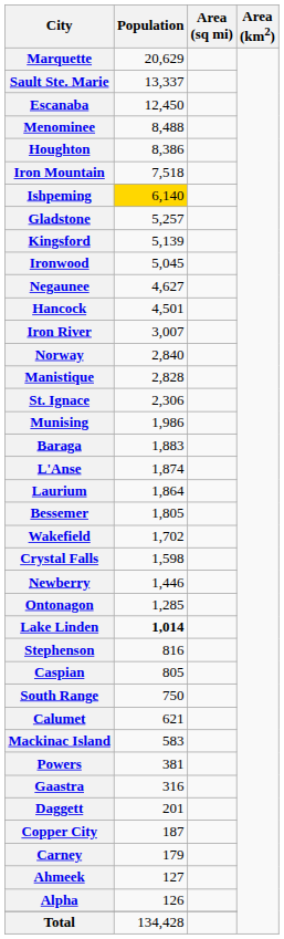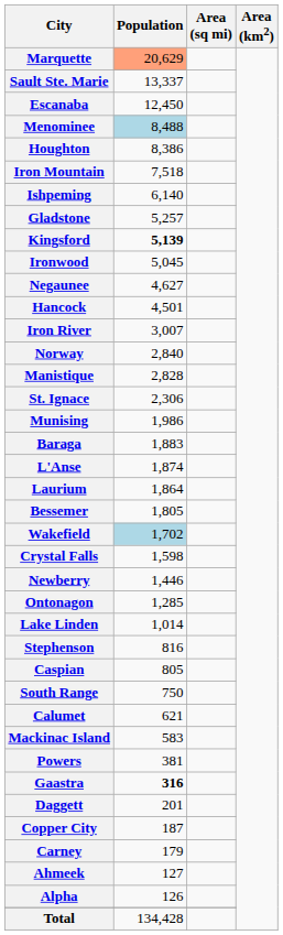 <table class="wikitable plainrowheaders sortable">
 <tr>
 <th scope="col">City</th>
 <th scope="col">Population</th>
 <th scope="col">Area<br>(sq mi)</th>
 <th scope="col">Area<br>(km<sup>2</sup>)</th>
 </tr>
 <tr>
 <th scope="row"><a href='#'>Marquette</a></th>
-<td align=right>20,629</td>
+<td align=right style="background: lightsalmon;">20,629</td>
 <td></td>
 </tr>
 <tr>
 <th scope="row"><a href='#'>Sault Ste. Marie</a></th>
 <td align=right>13,337</td>
 <td></td>
 </tr>
 <tr>
 <th scope="row"><a href='#'>Escanaba</a></th>
 <td align=right>12,450</td>
 <td></td>
 </tr>
 <tr>
 <th scope="row"><a href='#'>Menominee</a></th>
-<td align=right>8,488</td>
+<td align=right style="background: lightblue;">8,488</td>
 <td></td>
 </tr>
 <tr>
 <th scope="row"><a href='#'>Houghton</a></th>
 <td align=right>8,386</td>
 <td></td>
 </tr>
 <tr>
 <th scope="row"><a href='#'>Iron Mountain</a></th>
 <td align=right>7,518</td>
 <td></td>
 </tr>
 <tr>
 <th scope="row"><a href='#'>Ishpeming</a></th>
-<td align=right style="background: gold;">6,140</td>
+<td align=right>6,140</td>
 <td></td>
 </tr>
 <tr>
 <th scope="row"><a href='#'>Gladstone</a></th>
 <td align=right>5,257</td>
 <td></td>
 </tr>
 <tr>
 <th scope="row"><a href='#'>Kingsford</a></th>
-<td align=right>5,139</td>
+<td align=right><strong>5,139</strong></td>
 <td></td>
 </tr>
 <tr>
 <th scope="row"><a href='#'>Ironwood</a></th>
 <td align=right>5,045</td>
 <td></td>
 </tr>
 <tr>
 <th scope="row"><a href='#'>Negaunee</a></th>
 <td align=right>4,627</td>
 <td></td>
 </tr>
 <tr>
 <th scope="row"><a href='#'>Hancock</a></th>
 <td align=right>4,501</td>
 <td></td>
 </tr>
 <tr>
 <th scope="row"><a href='#'>Iron River</a></th>
 <td align=right>3,007</td>
 <td></td>
 </tr>
 <tr>
 <th scope="row"><a href='#'>Norway</a></th>
 <td align=right>2,840</td>
 <td></td>
 </tr>
 <tr>
 <th scope="row"><a href='#'>Manistique</a></th>
 <td align=right>2,828</td>
 <td></td>
 </tr>
 <tr>
 <th scope="row"><a href='#'>St. Ignace</a></th>
 <td align=right>2,306</td>
 <td></td>
 </tr>
 <tr>
 <th scope="row"><a href='#'>Munising</a></th>
 <td align=right>1,986</td>
 <td></td>
 </tr>
 <tr>
 <th scope="row"><a href='#'>Baraga</a></th>
 <td align=right>1,883</td>
 <td></td>
 </tr>
 <tr>
 <th scope="row"><a href='#'>L'Anse</a></th>
 <td align=right>1,874</td>
 <td></td>
 </tr>
 <tr>
 <th scope="row"><a href='#'>Laurium</a></th>
 <td align=right>1,864</td>
 <td></td>
 </tr>
 <tr>
 <th scope="row"><a href='#'>Bessemer</a></th>
 <td align=right>1,805</td>
 <td></td>
 </tr>
 <tr>
 <th scope="row"><a href='#'>Wakefield</a></th>
-<td align=right>1,702</td>
+<td align=right style="background: lightblue;">1,702</td>
 <td></td>
 </tr>
 <tr>
 <th scope="row"><a href='#'>Crystal Falls</a></th>
 <td align=right>1,598</td>
 <td></td>
 </tr>
 <tr>
 <th scope="row"><a href='#'>Newberry</a></th>
 <td align=right>1,446</td>
 <td></td>
 </tr>
 <tr>
 <th scope="row"><a href='#'>Ontonagon</a></th>
 <td align=right>1,285</td>
 <td></td>
 </tr>
 <tr>
 <th scope="row"><a href='#'>Lake Linden</a></th>
-<td align=right><strong>1,014</strong></td>
+<td align=right>1,014</td>
 <td></td>
 </tr>
 <tr>
 <th scope="row"><a href='#'>Stephenson</a></th>
 <td align=right>816</td>
 <td></td>
 </tr>
 <tr>
 <th scope="row"><a href='#'>Caspian</a></th>
 <td align=right>805</td>
 <td></td>
 </tr>
 <tr>
 <th scope="row"><a href='#'>South Range</a></th>
 <td align=right>750</td>
 <td></td>
 </tr>
 <tr>
 <th scope="row"><a href='#'>Calumet</a></th>
 <td align=right>621</td>
 <td></td>
 </tr>
 <tr>
 <th scope="row"><a href='#'>Mackinac Island</a></th>
 <td align=right>583</td>
 <td></td>
 </tr>
 <tr>
 <th scope="row"><a href='#'>Powers</a></th>
 <td align=right>381</td>
 <td></td>
 </tr>
 <tr>
 <th scope="row"><a href='#'>Gaastra</a></th>
-<td align=right>316</td>
+<td align=right><strong>316</strong></td>
 <td></td>
 </tr>
 <tr>
 <th scope="row"><a href='#'>Daggett</a></th>
 <td align=right>201</td>
 <td></td>
 </tr>
 <tr>
 <th scope="row"><a href='#'>Copper City</a></th>
 <td align=right>187</td>
 <td></td>
 </tr>
 <tr>
 <th scope="row"><a href='#'>Carney</a></th>
 <td align=right>179</td>
 <td></td>
 </tr>
 <tr>
 <th scope="row"><a href='#'>Ahmeek</a></th>
 <td align=right>127</td>
 <td></td>
 </tr>
 <tr>
 <th scope="row"><a href='#'>Alpha</a></th>
 <td align=right>126</td>
 <td></td>
 </tr>
 <tr>
 </tr>
 <tr class="sortbottom">
 <th scope="row">Total</th>
 <td align=right>134,428</td>
 <td></td>
 </tr>
 </table>
